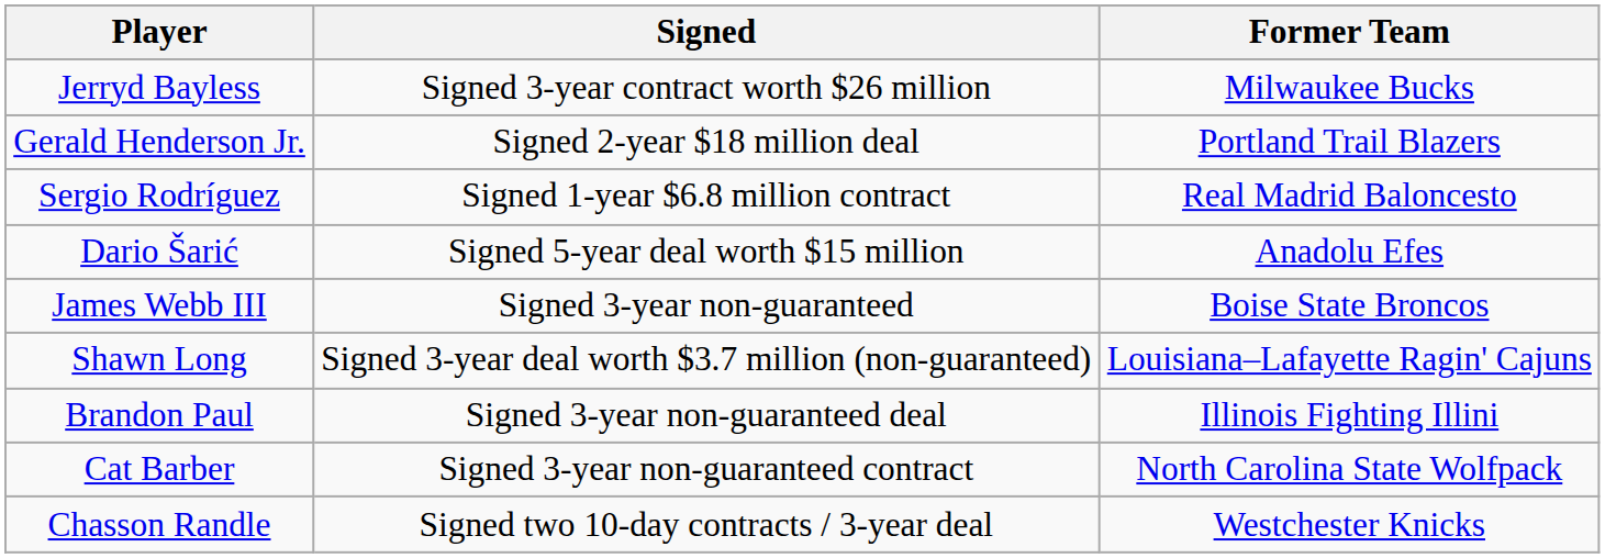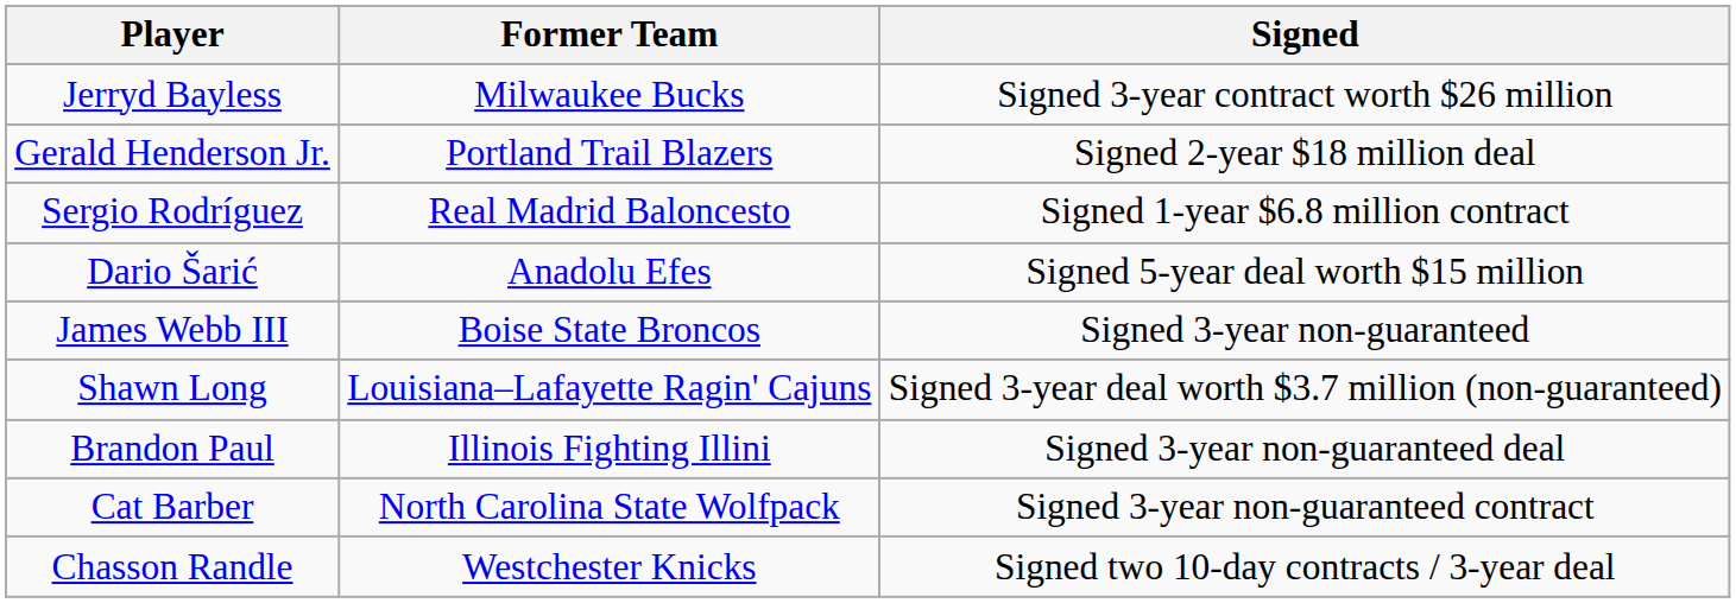 <table class="wikitable sortable sortable">
 <tr>
 <th>Player</th>
+<th>Former Team</th>
 <th>Signed</th>
-<th>Former Team</th>
 </tr>
 <tr style="text-align: center">
 <td><a href='#'>Jerryd Bayless</a></td>
+<td><a href='#'>Milwaukee Bucks</a></td>
 <td>Signed 3-year contract worth $26 million</td>
-<td><a href='#'>Milwaukee Bucks</a></td>
 </tr>
 <tr style="text-align: center">
 <td><a href='#'>Gerald Henderson Jr.</a></td>
+<td><a href='#'>Portland Trail Blazers</a></td>
 <td>Signed 2-year $18 million deal</td>
-<td><a href='#'>Portland Trail Blazers</a></td>
 </tr>
 <tr style= "text-align: center">
 <td><a href='#'>Sergio Rodríguez</a></td>
+<td> <a href='#'>Real Madrid Baloncesto</a></td>
 <td>Signed 1-year $6.8 million contract</td>
-<td> <a href='#'>Real Madrid Baloncesto</a></td>
 </tr>
 <tr style= "text-align: center">
 <td><a href='#'>Dario Šarić</a></td>
+<td> <a href='#'>Anadolu Efes</a></td>
 <td>Signed 5-year deal worth $15 million</td>
-<td> <a href='#'>Anadolu Efes</a></td>
 </tr>
 <tr style= "text-align: center">
 <td><a href='#'>James Webb III</a></td>
+<td><a href='#'>Boise State Broncos</a></td>
 <td>Signed 3-year non-guaranteed</td>
-<td><a href='#'>Boise State Broncos</a></td>
 </tr>
 <tr style= "text-align: center">
 <td><a href='#'>Shawn Long</a></td>
+<td><a href='#'>Louisiana–Lafayette Ragin' Cajuns</a></td>
 <td>Signed 3-year deal worth $3.7 million (non-guaranteed)</td>
-<td><a href='#'>Louisiana–Lafayette Ragin' Cajuns</a></td>
 </tr>
 <tr style= "text-align: center">
 <td><a href='#'>Brandon Paul</a></td>
+<td><a href='#'>Illinois Fighting Illini</a></td>
 <td>Signed 3-year non-guaranteed deal</td>
-<td><a href='#'>Illinois Fighting Illini</a></td>
 </tr>
 <tr style= "text-align: center">
 <td><a href='#'>Cat Barber</a></td>
+<td><a href='#'>North Carolina State Wolfpack</a></td>
 <td>Signed 3-year non-guaranteed contract</td>
-<td><a href='#'>North Carolina State Wolfpack</a></td>
 </tr>
 <tr style= "text-align: center">
 <td><a href='#'>Chasson Randle</a></td>
+<td><a href='#'>Westchester Knicks</a></td>
 <td>Signed two 10-day contracts / 3-year deal</td>
-<td><a href='#'>Westchester Knicks</a></td>
 </tr>
 </table>
